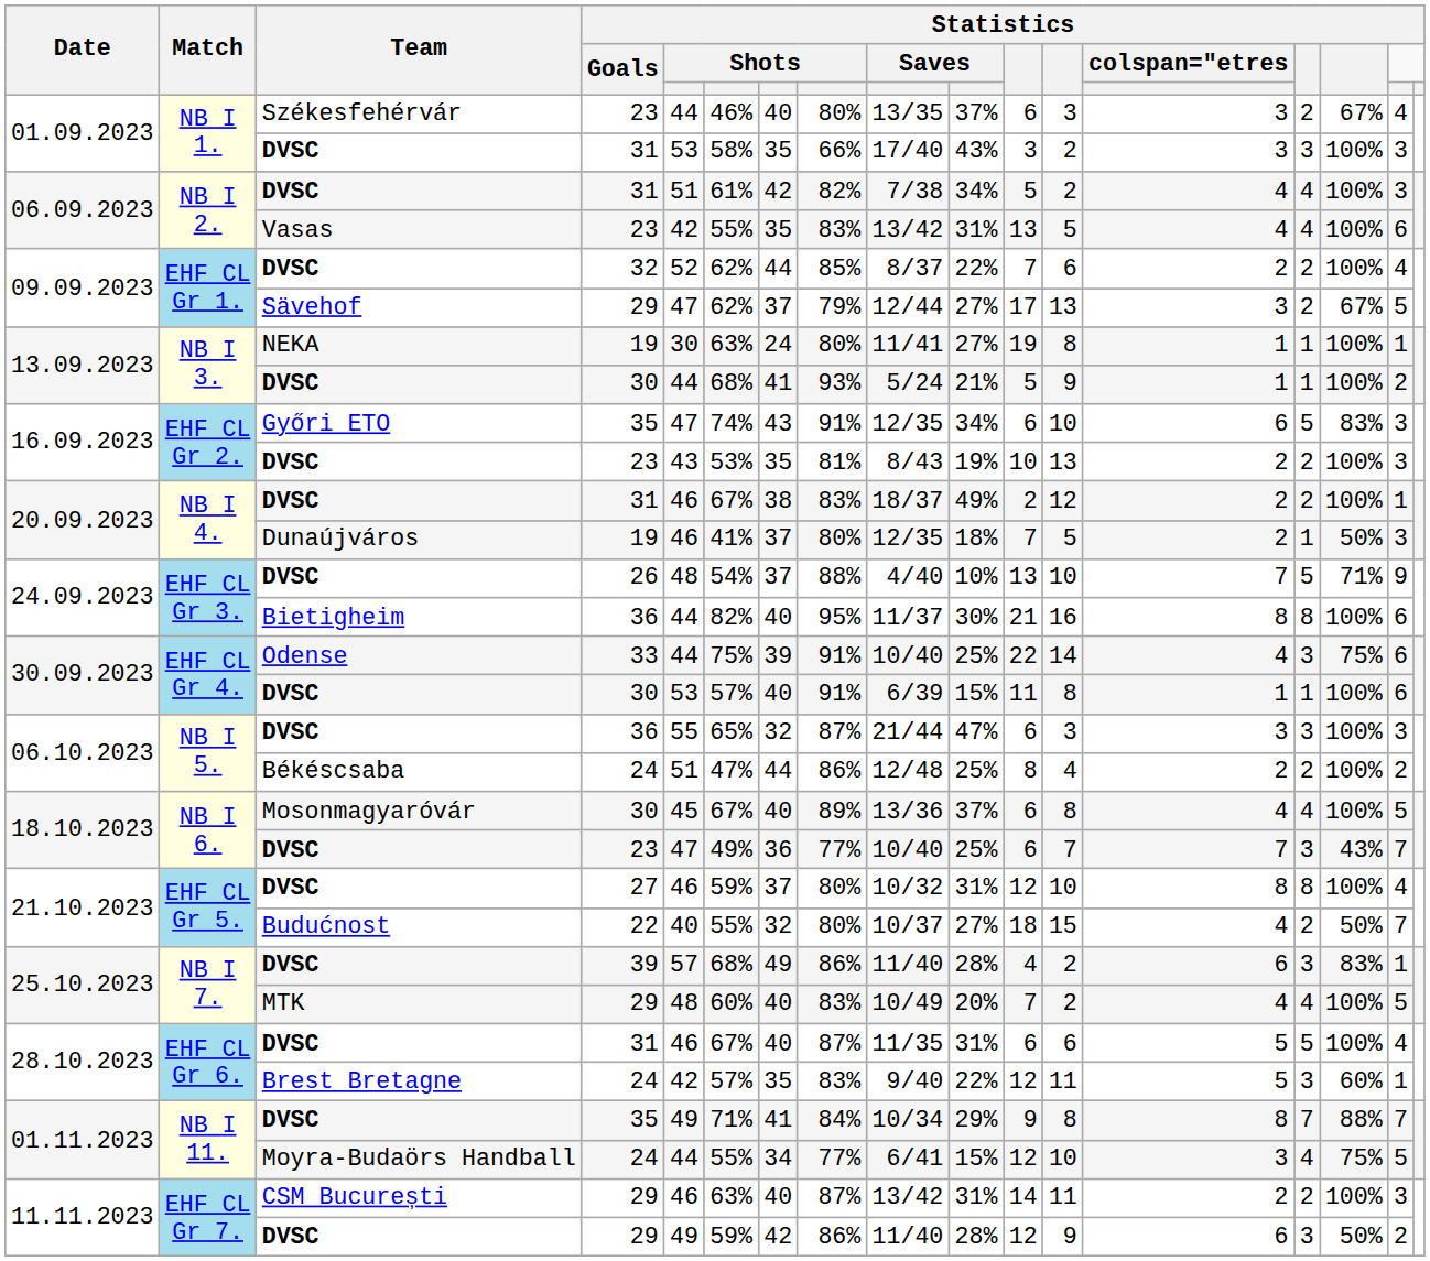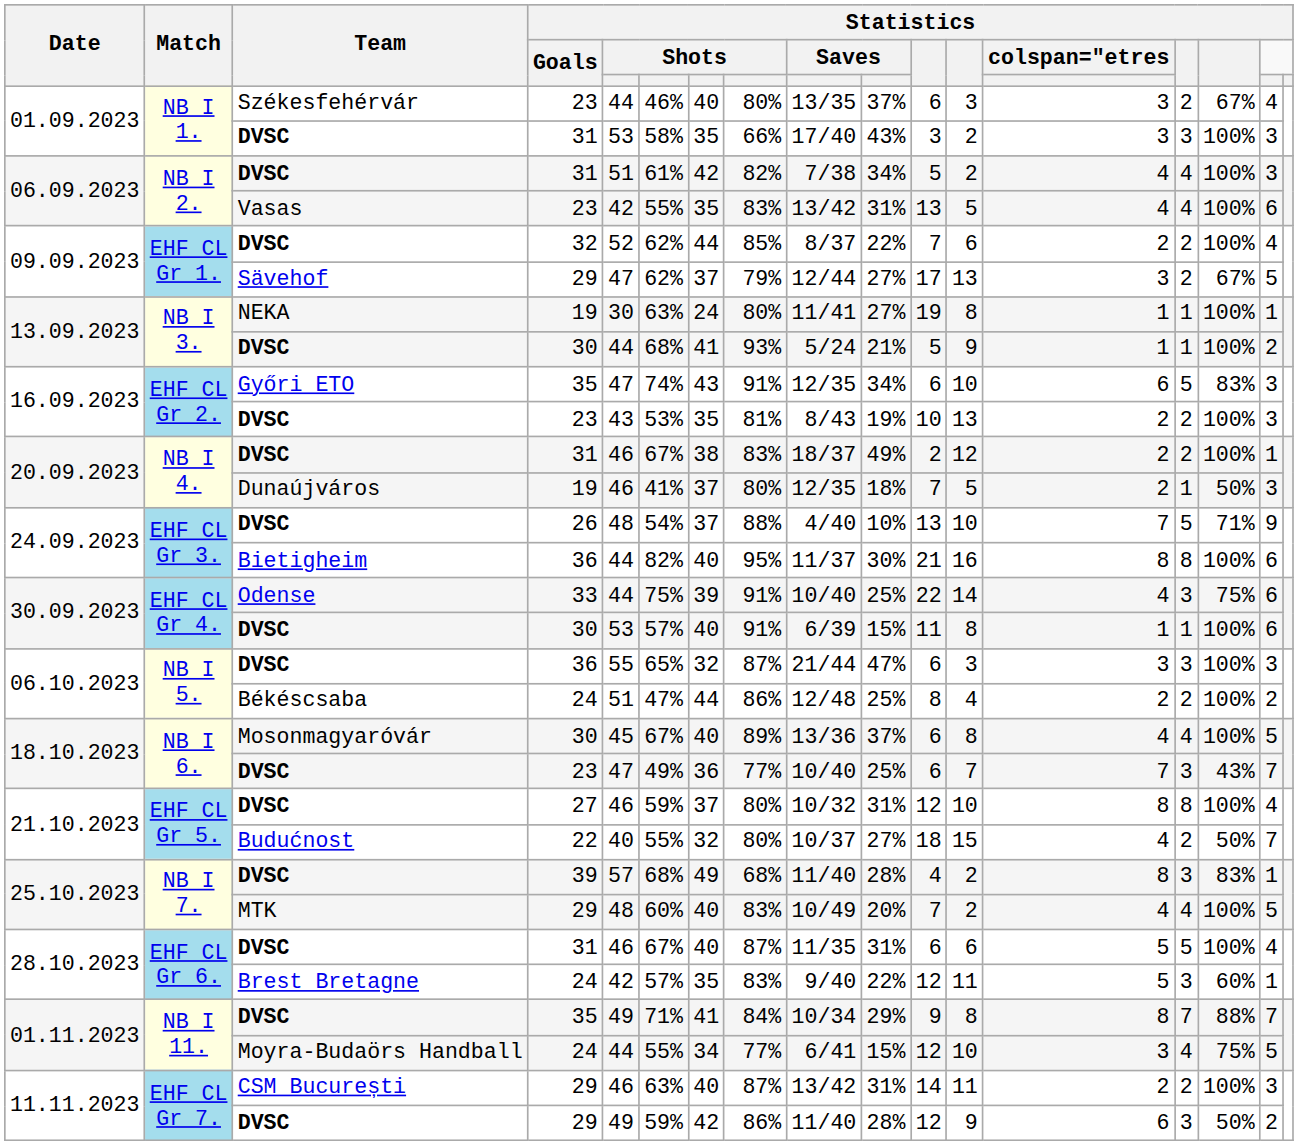 <table class="wikitable" style="text-align:right">
 <tr>
 <th rowspan="3" align="left">Date</th>
 <th rowspan="3" align="left">Match</th>
 <th rowspan="3" align="left">Team</th>
 <th colspan="14">Statistics</th>
 </tr>
 <tr>
 <th rowspan="2">Goals</th>
 <th colspan="4">Shots</th>
 <th colspan="2">Saves</th>
 <th rowspan="2"></th>
 <th rowspan="2"></th>
 <th>colspan="etres</th>
 <th rowspan="2"></th>
 <th rowspan="2"></th>
 </tr>
 <tr>
 <th></th>
 <th></th>
 <th></th>
 <th></th>
 <th></th>
 <th></th>
 <th></th>
 <th></th>
 <th></th>
 </tr>
 <tr bgcolor="white">
 <td rowspan="2">01.09.2023</td>
 <td rowspan="2" align="center" bgcolor="ffffe0"><a href='#'>NB I<br> 1.</a></td>
 <td align="left">Székesfehérvár</td>
 <td>23</td>
 <td>44</td>
 <td>46%</td>
 <td>40</td>
 <td>80%</td>
 <td>13/35</td>
 <td>37%</td>
 <td>6</td>
 <td>3</td>
 <td>3</td>
 <td>2</td>
 <td>67%</td>
 <td>4</td>
 <td rowspan="2"></td>
 </tr>
 <tr bgcolor="white">
 <td align="left"><strong>DVSC</strong></td>
 <td>31</td>
 <td>53</td>
 <td>58%</td>
 <td>35</td>
 <td> 66%</td>
 <td>17/40</td>
 <td>43%</td>
 <td>3</td>
 <td>2</td>
 <td>3</td>
 <td>3</td>
 <td>100%</td>
 <td>3</td>
 </tr>
 <tr bgcolor="whitesmoke">
 <td rowspan="2">06.09.2023</td>
 <td rowspan="2" align="center" bgcolor="ffffe0"><a href='#'>NB I<br>2.</a></td>
 <td align="left"><strong>DVSC</strong></td>
 <td>31</td>
 <td>51</td>
 <td>61%</td>
 <td>42</td>
 <td>82%</td>
 <td>7/38</td>
 <td>34%</td>
 <td>5</td>
 <td>2</td>
 <td>4</td>
 <td>4</td>
 <td>100%</td>
 <td>3</td>
 <td rowspan="2"></td>
 </tr>
 <tr bgcolor="whitesmoke">
 <td align="left">Vasas</td>
 <td>23</td>
 <td>42</td>
 <td>55%</td>
 <td>35</td>
 <td>83%</td>
 <td>13/42</td>
 <td>31%</td>
 <td>13</td>
 <td>5</td>
 <td>4</td>
 <td>4</td>
 <td>100%</td>
 <td>6</td>
 </tr>
 <tr bgcolor="white">
 <td rowspan="2">09.09.2023</td>
 <td rowspan="2" align="center" bgcolor="a4dded"><a href='#'>EHF CL<br>Gr 1.</a></td>
 <td align="left"><strong>DVSC</strong></td>
 <td>32</td>
 <td>52</td>
 <td>62%</td>
 <td>44</td>
 <td>85%</td>
 <td>8/37</td>
 <td>22%</td>
 <td>7</td>
 <td>6</td>
 <td>2</td>
 <td>2</td>
 <td>100%</td>
 <td>4</td>
 <td rowspan="2"></td>
 </tr>
 <tr bgcolor="white">
 <td align="left"><a href='#'>Sävehof</a> </td>
 <td>29</td>
 <td>47</td>
 <td>62%</td>
 <td>37</td>
 <td>79%</td>
 <td>12/44</td>
 <td>27%</td>
 <td>17</td>
 <td>13</td>
 <td>3</td>
 <td>2</td>
 <td>67%</td>
 <td>5</td>
 </tr>
 <tr bgcolor="whitesmoke">
 <td rowspan="2">13.09.2023</td>
 <td rowspan="2" align="center" bgcolor="ffffe0"><a href='#'>NB I<br>3.</a></td>
 <td align="left">NEKA</td>
 <td>19</td>
 <td>30</td>
 <td>63%</td>
 <td>24</td>
 <td>80%</td>
 <td>11/41</td>
 <td>27%</td>
 <td>19</td>
 <td>8</td>
 <td>1</td>
 <td>1</td>
 <td>100%</td>
 <td>1</td>
 <td rowspan="2"></td>
 </tr>
 <tr bgcolor="whitesmoke">
 <td align="left"><strong>DVSC</strong></td>
 <td>30</td>
 <td>44</td>
 <td>68%</td>
 <td>41</td>
 <td>93%</td>
 <td>5/24</td>
 <td>21%</td>
 <td>5</td>
 <td>9</td>
 <td>1</td>
 <td>1</td>
 <td>100%</td>
 <td>2</td>
 </tr>
 <tr bgcolor="white">
 <td rowspan="2">16.09.2023</td>
 <td rowspan="2" align="center" bgcolor="a4dded"><a href='#'>EHF CL<br>Gr 2.</a></td>
 <td align="left"><a href='#'>Győri ETO</a> </td>
 <td>35</td>
 <td>47</td>
 <td>74%</td>
 <td>43</td>
 <td>91%</td>
 <td>12/35</td>
 <td>34%</td>
 <td>6</td>
 <td>10</td>
 <td>6</td>
 <td>5</td>
 <td>83%</td>
 <td>3</td>
 <td rowspan="2"></td>
 </tr>
 <tr bgcolor="white">
 <td align="left"><strong>DVSC</strong></td>
 <td>23</td>
 <td>43</td>
 <td>53%</td>
 <td>35</td>
 <td>81%</td>
 <td>8/43</td>
 <td>19%</td>
 <td>10</td>
 <td>13</td>
 <td>2</td>
 <td>2</td>
 <td>100%</td>
 <td>3</td>
 </tr>
 <tr bgcolor="whitesmoke">
 <td rowspan="2">20.09.2023</td>
 <td rowspan="2" align="center" bgcolor="ffffe0"><a href='#'>NB I<br>4.</a></td>
 <td align="left"><strong>DVSC</strong></td>
 <td>31</td>
 <td>46</td>
 <td>67%</td>
 <td>38</td>
 <td>83%</td>
 <td>18/37</td>
 <td>49%</td>
 <td>2</td>
 <td>12</td>
 <td>2</td>
 <td>2</td>
 <td>100%</td>
 <td>1</td>
 <td rowspan="2"></td>
 </tr>
 <tr bgcolor="whitesmoke">
 <td align="left">Dunaújváros</td>
 <td>19</td>
 <td>46</td>
 <td>41%</td>
 <td>37</td>
 <td>80%</td>
 <td>12/35</td>
 <td>18%</td>
 <td>7</td>
 <td>5</td>
 <td>2</td>
 <td>1</td>
 <td>50%</td>
 <td>3</td>
 </tr>
 <tr bgcolor="white">
 <td rowspan="2">24.09.2023</td>
 <td rowspan="2" align="center" bgcolor="a4dded"><a href='#'>EHF CL<br>Gr 3.</a></td>
 <td align="left"><strong>DVSC</strong></td>
 <td>26</td>
 <td>48</td>
 <td>54%</td>
 <td>37</td>
 <td>88%</td>
 <td>4/40</td>
 <td>10%</td>
 <td>13</td>
 <td>10</td>
 <td>7</td>
 <td>5</td>
 <td>71%</td>
 <td>9</td>
 <td rowspan="2"></td>
 </tr>
 <tr bgcolor="white">
 <td align="left"><a href='#'>Bietigheim</a> </td>
 <td>36</td>
 <td>44</td>
 <td>82%</td>
 <td>40</td>
 <td>95%</td>
 <td>11/37</td>
 <td>30%</td>
 <td>21</td>
 <td>16</td>
 <td>8</td>
 <td>8</td>
 <td>100%</td>
 <td>6</td>
 </tr>
 <tr bgcolor="whitesmoke">
 <td rowspan="2">30.09.2023</td>
 <td rowspan="2" align="center" bgcolor="a4dded"><a href='#'>EHF CL<br>Gr 4.</a></td>
 <td align="left"><a href='#'>Odense</a> </td>
 <td>33</td>
 <td>44</td>
 <td>75%</td>
 <td>39</td>
 <td>91%</td>
 <td>10/40</td>
 <td>25%</td>
 <td>22</td>
 <td>14</td>
 <td>4</td>
 <td>3</td>
 <td>75%</td>
 <td>6</td>
 <td rowspan="2"></td>
 </tr>
 <tr bgcolor="whitesmoke">
 <td align="left"><strong>DVSC</strong></td>
 <td>30</td>
 <td>53</td>
 <td>57%</td>
 <td>40</td>
 <td>91%</td>
 <td>6/39</td>
 <td>15%</td>
 <td>11</td>
 <td>8</td>
 <td>1</td>
 <td>1</td>
 <td>100%</td>
 <td>6</td>
 </tr>
 <tr bgcolor="white">
 <td rowspan="2">06.10.2023</td>
 <td rowspan="2" align="center" bgcolor="ffffe0"><a href='#'>NB I<br>5.</a></td>
 <td align="left"><strong>DVSC</strong></td>
 <td>36</td>
 <td>55</td>
 <td>65%</td>
 <td>32</td>
 <td>87%</td>
 <td>21/44</td>
 <td>47%</td>
 <td>6</td>
 <td>3</td>
 <td>3</td>
 <td>3</td>
 <td>100%</td>
 <td>3</td>
 <td rowspan="2"></td>
 </tr>
 <tr bgcolor="white">
 <td align="left">Békéscsaba</td>
 <td>24</td>
 <td>51</td>
 <td>47%</td>
 <td>44</td>
 <td> 86%</td>
 <td>12/48</td>
 <td>25%</td>
 <td>8</td>
 <td>4</td>
 <td>2</td>
 <td>2</td>
 <td>100%</td>
 <td>2</td>
 </tr>
 <tr bgcolor="whitesmoke">
 <td rowspan="2">18.10.2023</td>
 <td rowspan="2" align="center" bgcolor="ffffe0"><a href='#'>NB I<br>6.</a></td>
 <td align="left">Mosonmagyaróvár</td>
 <td>30</td>
 <td>45</td>
 <td>67%</td>
 <td>40</td>
 <td>89%</td>
 <td>13/36</td>
 <td>37%</td>
 <td>6</td>
 <td>8</td>
 <td>4</td>
 <td>4</td>
 <td>100%</td>
 <td>5</td>
 <td rowspan="2"></td>
 </tr>
 <tr bgcolor="whitesmoke">
 <td align="left"><strong>DVSC</strong></td>
 <td>23</td>
 <td>47</td>
 <td>49%</td>
 <td>36</td>
 <td> 77%</td>
 <td>10/40</td>
 <td>25%</td>
 <td>6</td>
 <td>7</td>
 <td>7</td>
 <td>3</td>
 <td>43%</td>
 <td>7</td>
 </tr>
 <tr bgcolor="white">
 <td rowspan="2">21.10.2023</td>
 <td rowspan="2" align="center" bgcolor="a4dded"><a href='#'>EHF CL<br>Gr 5.</a></td>
 <td align="left"><strong>DVSC</strong></td>
 <td>27</td>
 <td>46</td>
 <td>59%</td>
 <td>37</td>
 <td>80%</td>
 <td>10/32</td>
 <td>31%</td>
 <td>12</td>
 <td>10</td>
 <td>8</td>
 <td>8</td>
 <td>100%</td>
 <td>4</td>
 <td rowspan="2"></td>
 </tr>
 <tr bgcolor="white">
 <td align="left"><a href='#'>Budućnost</a> </td>
 <td>22</td>
 <td>40</td>
 <td>55%</td>
 <td>32</td>
 <td>80%</td>
 <td>10/37</td>
 <td>27%</td>
 <td>18</td>
 <td>15</td>
 <td>4</td>
 <td>2</td>
 <td>50%</td>
 <td>7</td>
 </tr>
 <tr bgcolor="whitesmoke">
 <td rowspan="2">25.10.2023</td>
 <td rowspan="2" align="center" bgcolor="ffffe0"><a href='#'>NB I<br>7.</a></td>
 <td align="left"><strong>DVSC</strong></td>
 <td>39</td>
 <td>57</td>
 <td>68%</td>
 <td>49</td>
-<td>86%</td>
+<td>68%</td>
 <td>11/40</td>
 <td>28%</td>
 <td>4</td>
 <td>2</td>
-<td>6</td>
+<td>8</td>
 <td>3</td>
 <td>83%</td>
 <td>1</td>
 <td rowspan="2"></td>
 </tr>
 <tr bgcolor="whitesmoke">
 <td align="left">MTK</td>
 <td>29</td>
 <td>48</td>
 <td>60%</td>
 <td>40</td>
 <td> 83%</td>
 <td>10/49</td>
 <td>20%</td>
 <td>7</td>
 <td>2</td>
 <td>4</td>
 <td>4</td>
 <td>100%</td>
 <td>5</td>
 </tr>
 <tr bgcolor="white">
 <td rowspan="2">28.10.2023</td>
 <td rowspan="2" align="center" bgcolor="a4dded"><a href='#'>EHF CL<br>Gr 6.</a></td>
 <td align="left"><strong>DVSC</strong></td>
 <td>31</td>
 <td>46</td>
 <td>67%</td>
 <td>40</td>
 <td>87%</td>
 <td>11/35</td>
 <td>31%</td>
 <td>6</td>
 <td>6</td>
 <td>5</td>
 <td>5</td>
 <td>100%</td>
 <td>4</td>
 <td rowspan="2"></td>
 </tr>
 <tr bgcolor="white">
 <td align="left"><a href='#'>Brest Bretagne</a> </td>
 <td>24</td>
 <td>42</td>
 <td>57%</td>
 <td>35</td>
 <td>83%</td>
 <td>9/40</td>
 <td>22%</td>
 <td>12</td>
 <td>11</td>
 <td>5</td>
 <td>3</td>
 <td>60%</td>
 <td>1</td>
 </tr>
 <tr bgcolor="whitesmoke">
 <td rowspan="2">01.11.2023</td>
 <td rowspan="2" align="center" bgcolor="ffffe0"><a href='#'>NB I<br>11.</a></td>
 <td align="left"><strong>DVSC</strong></td>
 <td>35</td>
 <td>49</td>
 <td>71%</td>
 <td>41</td>
 <td>84%</td>
 <td>10/34</td>
 <td>29%</td>
 <td>9</td>
 <td>8</td>
 <td>8</td>
 <td>7</td>
 <td>88%</td>
 <td>7</td>
 <td rowspan="2"></td>
 </tr>
 <tr bgcolor="whitesmoke">
 <td align="left">Moyra-Budaörs Handball</td>
 <td>24</td>
 <td>44</td>
 <td>55%</td>
 <td>34</td>
 <td> 77%</td>
 <td>6/41</td>
 <td>15%</td>
 <td>12</td>
 <td>10</td>
 <td>3</td>
 <td>4</td>
 <td>75%</td>
 <td>5</td>
 </tr>
 <tr bgcolor="white">
 <td rowspan="2">11.11.2023</td>
 <td rowspan="2" align="center" bgcolor="a4dded"><a href='#'>EHF CL<br>Gr 7.</a></td>
 <td align="left"><a href='#'>CSM București</a> </td>
 <td>29</td>
 <td>46</td>
 <td>63%</td>
 <td>40</td>
 <td>87%</td>
 <td>13/42</td>
 <td>31%</td>
 <td>14</td>
 <td>11</td>
 <td>2</td>
 <td>2</td>
 <td>100%</td>
 <td>3</td>
 <td rowspan="2"></td>
 </tr>
 <tr bgcolor="white">
 <td align="left"><strong>DVSC</strong></td>
 <td>29</td>
 <td>49</td>
 <td>59%</td>
 <td>42</td>
 <td>86%</td>
 <td>11/40</td>
 <td>28%</td>
 <td>12</td>
 <td>9</td>
 <td>6</td>
 <td>3</td>
 <td>50%</td>
 <td>2</td>
 </tr>
 </table>
